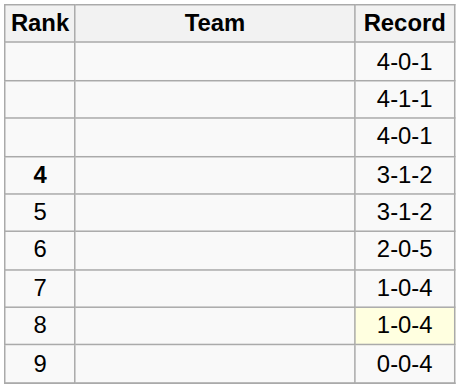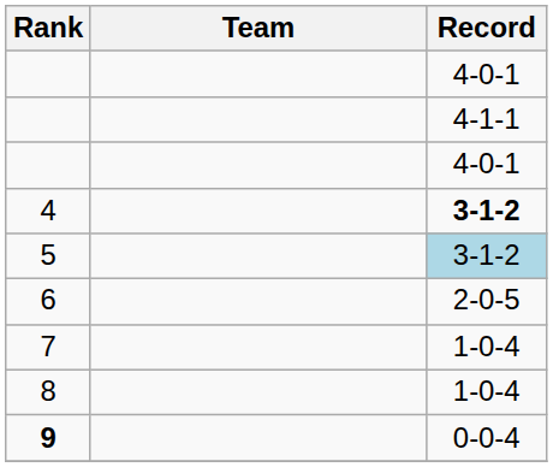 <table class="wikitable" style="text-align: center;">
 <tr>
 <th width=40>Rank</th>
 <th width=180>Team</th>
 <th width=60>Record</th>
 </tr>
 <tr>
 <td></td>
 <td align=left></td>
 <td>4-0-1</td>
 </tr>
 <tr>
 <td></td>
 <td align=left></td>
 <td>4-1-1</td>
 </tr>
 <tr>
 <td></td>
 <td align=left></td>
 <td>4-0-1</td>
 </tr>
 <tr>
-<td><strong>4</strong></td>
+<td>4</td>
 <td align=left></td>
-<td>3-1-2</td>
+<td><strong>3-1-2</strong></td>
 </tr>
 <tr>
 <td>5</td>
 <td align=left></td>
-<td>3-1-2</td>
+<td style="background: lightblue;">3-1-2</td>
 </tr>
 <tr>
 <td>6</td>
 <td align=left></td>
 <td>2-0-5</td>
 </tr>
 <tr>
 <td>7</td>
 <td align=left></td>
 <td>1-0-4</td>
 </tr>
 <tr>
 <td>8</td>
 <td align=left></td>
-<td style="background: lightyellow;">1-0-4</td>
+<td>1-0-4</td>
 </tr>
 <tr>
-<td>9</td>
+<td><strong>9</strong></td>
 <td align=left></td>
 <td>0-0-4</td>
 </tr>
 <tr>
 </tr>
 </table>
